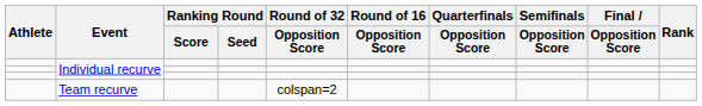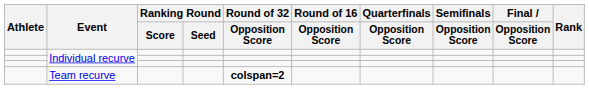 <table class="wikitable" style="font-size:90%">
 <tr>
 <th rowspan="2">Athlete</th>
 <th rowspan="2">Event</th>
 <th colspan="2">Ranking Round</th>
 <th>Round of 32</th>
 <th>Round of 16</th>
 <th>Quarterfinals</th>
 <th>Semifinals</th>
 <th>Final / </th>
 <th rowspan="2">Rank</th>
 </tr>
 <tr style="font-size:95%">
 <th>Score</th>
 <th>Seed</th>
 <th>Opposition<br>Score</th>
 <th>Opposition<br>Score</th>
 <th>Opposition<br>Score</th>
 <th>Opposition<br>Score</th>
 <th>Opposition<br>Score</th>
 </tr>
 <tr align=center>
 <td align=left></td>
 <td align=left rowspan=3><a href='#'>Individual recurve</a></td>
 <td></td>
 <td></td>
 <td></td>
 <td></td>
 <td></td>
 <td></td>
 <td></td>
 <td></td>
 </tr>
 <tr align=center>
 <td align=left></td>
 <td></td>
 <td></td>
 <td></td>
 <td></td>
 <td></td>
 <td></td>
 <td></td>
 <td></td>
 </tr>
 <tr align=center>
 <td align=left></td>
 <td></td>
 <td></td>
 <td></td>
 <td></td>
 <td></td>
 <td></td>
 <td></td>
 <td></td>
 </tr>
 <tr align=center>
 <td align=left></td>
 <td align=left><a href='#'>Team recurve</a></td>
 <td></td>
 <td></td>
-<td>colspan=2 </td>
+<td><strong>colspan=2 </strong></td>
 <td></td>
 <td></td>
 <td></td>
 <td></td>
 </tr>
 </table>
